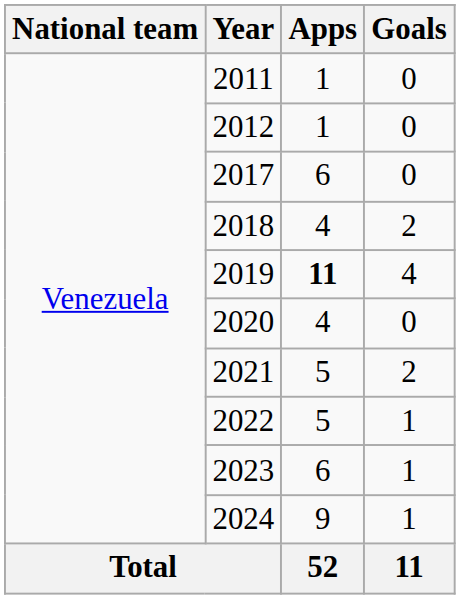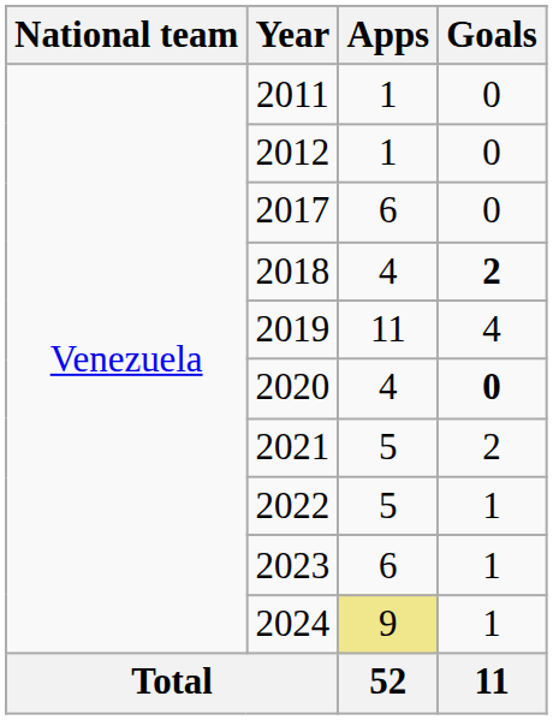 <table class="wikitable" style="text-align:center">
 <tr>
 <th>National team</th>
 <th>Year</th>
 <th>Apps</th>
 <th>Goals</th>
 </tr>
 <tr>
 <td rowspan="10"><a href='#'>Venezuela</a></td>
 <td>2011</td>
 <td>1</td>
 <td>0</td>
 </tr>
 <tr>
 <td>2012</td>
 <td>1</td>
 <td>0</td>
 </tr>
 <tr>
 <td>2017</td>
 <td>6</td>
 <td>0</td>
 </tr>
 <tr>
 <td>2018</td>
 <td>4</td>
-<td>2</td>
+<td><strong>2</strong></td>
 </tr>
 <tr>
 <td>2019</td>
-<td><strong>11</strong></td>
+<td>11</td>
 <td>4</td>
 </tr>
 <tr>
 <td>2020</td>
 <td>4</td>
-<td>0</td>
+<td><strong>0</strong></td>
 </tr>
 <tr>
 <td>2021</td>
 <td>5</td>
 <td>2</td>
 </tr>
 <tr>
 <td>2022</td>
 <td>5</td>
 <td>1</td>
 </tr>
 <tr>
 <td>2023</td>
 <td>6</td>
 <td>1</td>
 </tr>
 <tr>
 <td>2024</td>
-<td>9</td>
+<td style="background: khaki;">9</td>
 <td>1</td>
 </tr>
 <tr>
 <th colspan="2">Total</th>
 <th>52</th>
 <th>11</th>
 </tr>
 </table>
